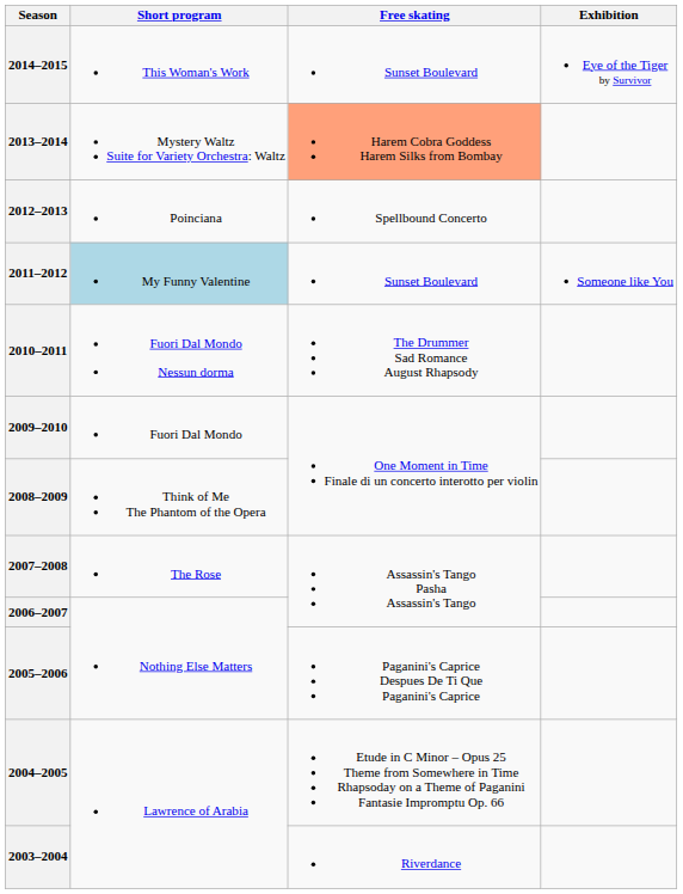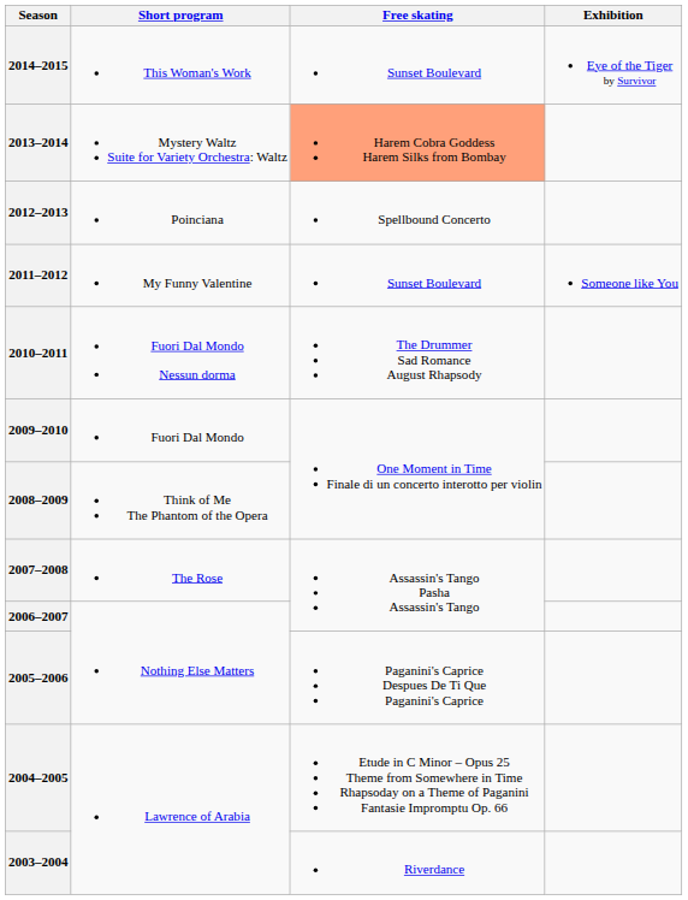 <table class="wikitable" style="text-align:center">
 <tr>
 <th>Season</th>
 <th><a href='#'>Short program</a></th>
 <th><a href='#'>Free skating</a></th>
 <th>Exhibition</th>
 </tr>
 <tr>
 <th>2014–2015 <br> </th>
 <td><br><ul><li><a href='#'>This Woman's Work</a> <br></li></ul></td>
 <td><br><ul><li><a href='#'>Sunset Boulevard</a> <br></li></ul></td>
 <td><br><ul><li><a href='#'>Eye of the Tiger</a> <br><small> by <a href='#'>Survivor</a> </small></li></ul></td>
 </tr>
 <tr>
 <th>2013–2014 <br> </th>
 <td><br><ul><li>Mystery Waltz <br></li><li><a href='#'>Suite for Variety Orchestra</a>: Waltz <br></li></ul></td>
 <td style="background: lightsalmon;"><br><ul><li>Harem Cobra Goddess <br></li><li>Harem Silks from Bombay</li></ul></td>
 <td></td>
 </tr>
 <tr>
 <th>2012–2013 <br> </th>
 <td><br><ul><li>Poinciana</li></ul></td>
 <td><br><ul><li>Spellbound Concerto <br></li></ul></td>
 <td></td>
 </tr>
 <tr>
 <th>2011–2012 <br> </th>
-<td style="background: lightblue;"><br><ul><li>My Funny Valentine <br></li></ul></td>
+<td><br><ul><li>My Funny Valentine <br></li></ul></td>
 <td><br><ul><li><a href='#'>Sunset Boulevard</a> <br></li></ul></td>
 <td><br><ul><li><a href='#'>Someone like You</a> <br></li></ul></td>
 </tr>
 <tr>
 <th>2010–2011 <br> </th>
 <td><br><ul><li><a href='#'>Fuori Dal Mondo</a> <br></li></ul><ul><li><a href='#'>Nessun dorma</a> <br></li></ul></td>
 <td><br><ul><li><a href='#'>The Drummer</a> <br></li><li>Sad Romance <br></li><li>August Rhapsody <br></li></ul></td>
 <td></td>
 </tr>
 <tr>
 <th>2009–2010 <br> </th>
 <td><br><ul><li>Fuori Dal Mondo <br></li></ul></td>
 <td rowspan=2><br><ul><li><a href='#'>One Moment in Time</a> <br></li><li>Finale di un concerto interotto per violin <br></li></ul></td>
 <td></td>
 </tr>
 <tr>
 <th>2008–2009 <br> </th>
 <td><br><ul><li>Think of Me <br></li><li>The Phantom of the Opera <br></li></ul></td>
 <td></td>
 </tr>
 <tr>
 <th>2007–2008 <br> </th>
 <td><br><ul><li><a href='#'>The Rose</a> <br></li></ul></td>
 <td rowspan=2><br><ul><li>Assassin's Tango <br></li><li>Pasha <br></li><li>Assassin's Tango</li></ul></td>
 <td></td>
 </tr>
 <tr>
 <th>2006–2007 <br> </th>
 <td rowspan=2><br><ul><li><a href='#'>Nothing Else Matters</a> <br></li></ul></td>
 <td></td>
 </tr>
 <tr>
 <th>2005–2006 <br> </th>
 <td><br><ul><li>Paganini's Caprice</li><li>Despues De Ti Que <br></li><li>Paganini's Caprice</li></ul></td>
 <td></td>
 </tr>
 <tr>
 <th>2004–2005 <br> </th>
 <td rowspan=2><br><ul><li><a href='#'>Lawrence of Arabia</a> <br></li></ul></td>
 <td><br><ul><li>Etude in C Minor – Opus 25 <br></li><li>Theme from Somewhere in Time <br></li><li>Rhapsoday on a Theme of Paganini <br></li><li>Fantasie Impromptu Op. 66 <br></li></ul></td>
 <td></td>
 </tr>
 <tr>
 <th>2003–2004 <br> </th>
 <td><br><ul><li><a href='#'>Riverdance</a> <br></li></ul></td>
 <td></td>
 </tr>
 </table>
